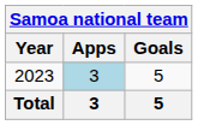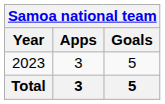 <table class="wikitable" style="text-align:center">
 <tr>
 <th colspan=3><a href='#'>Samoa national team</a></th>
 </tr>
 <tr>
 <th>Year</th>
 <th>Apps</th>
 <th>Goals</th>
 </tr>
 <tr>
 <td>2023</td>
-<td style="background: lightblue;">3</td>
+<td>3</td>
 <td>5</td>
 </tr>
 <tr>
 <th>Total</th>
 <th>3</th>
 <th>5</th>
 </tr>
 </table>
